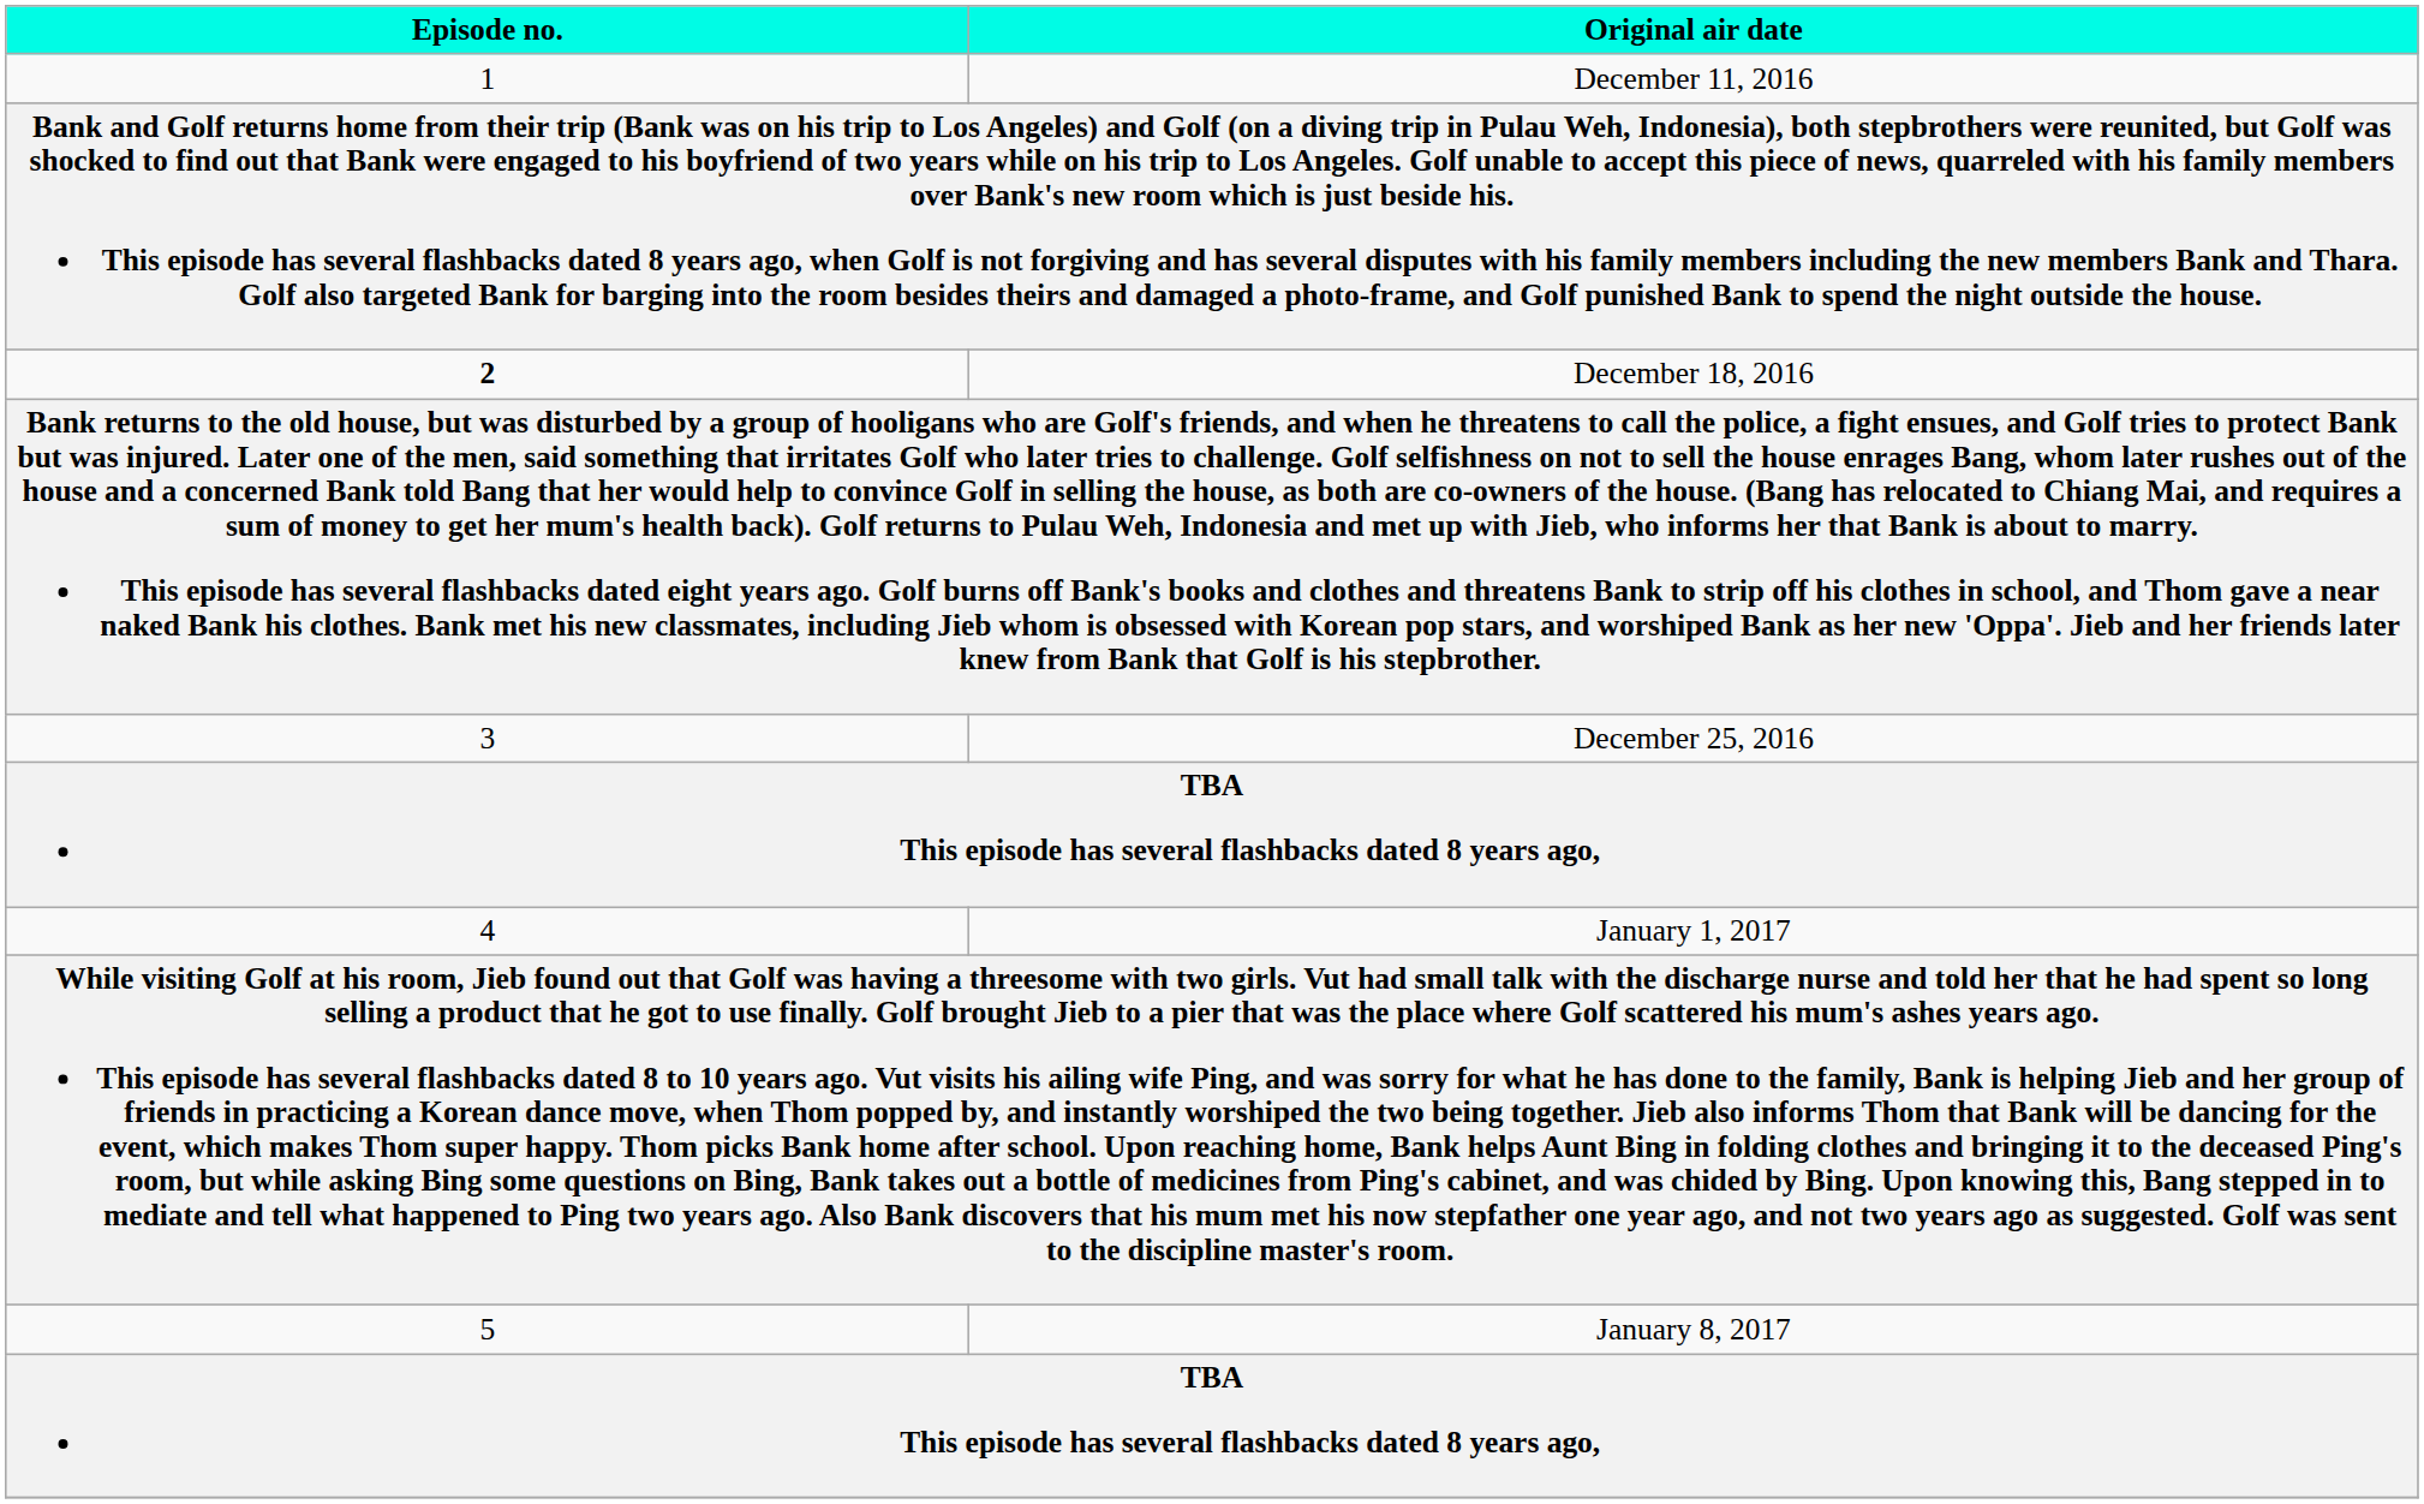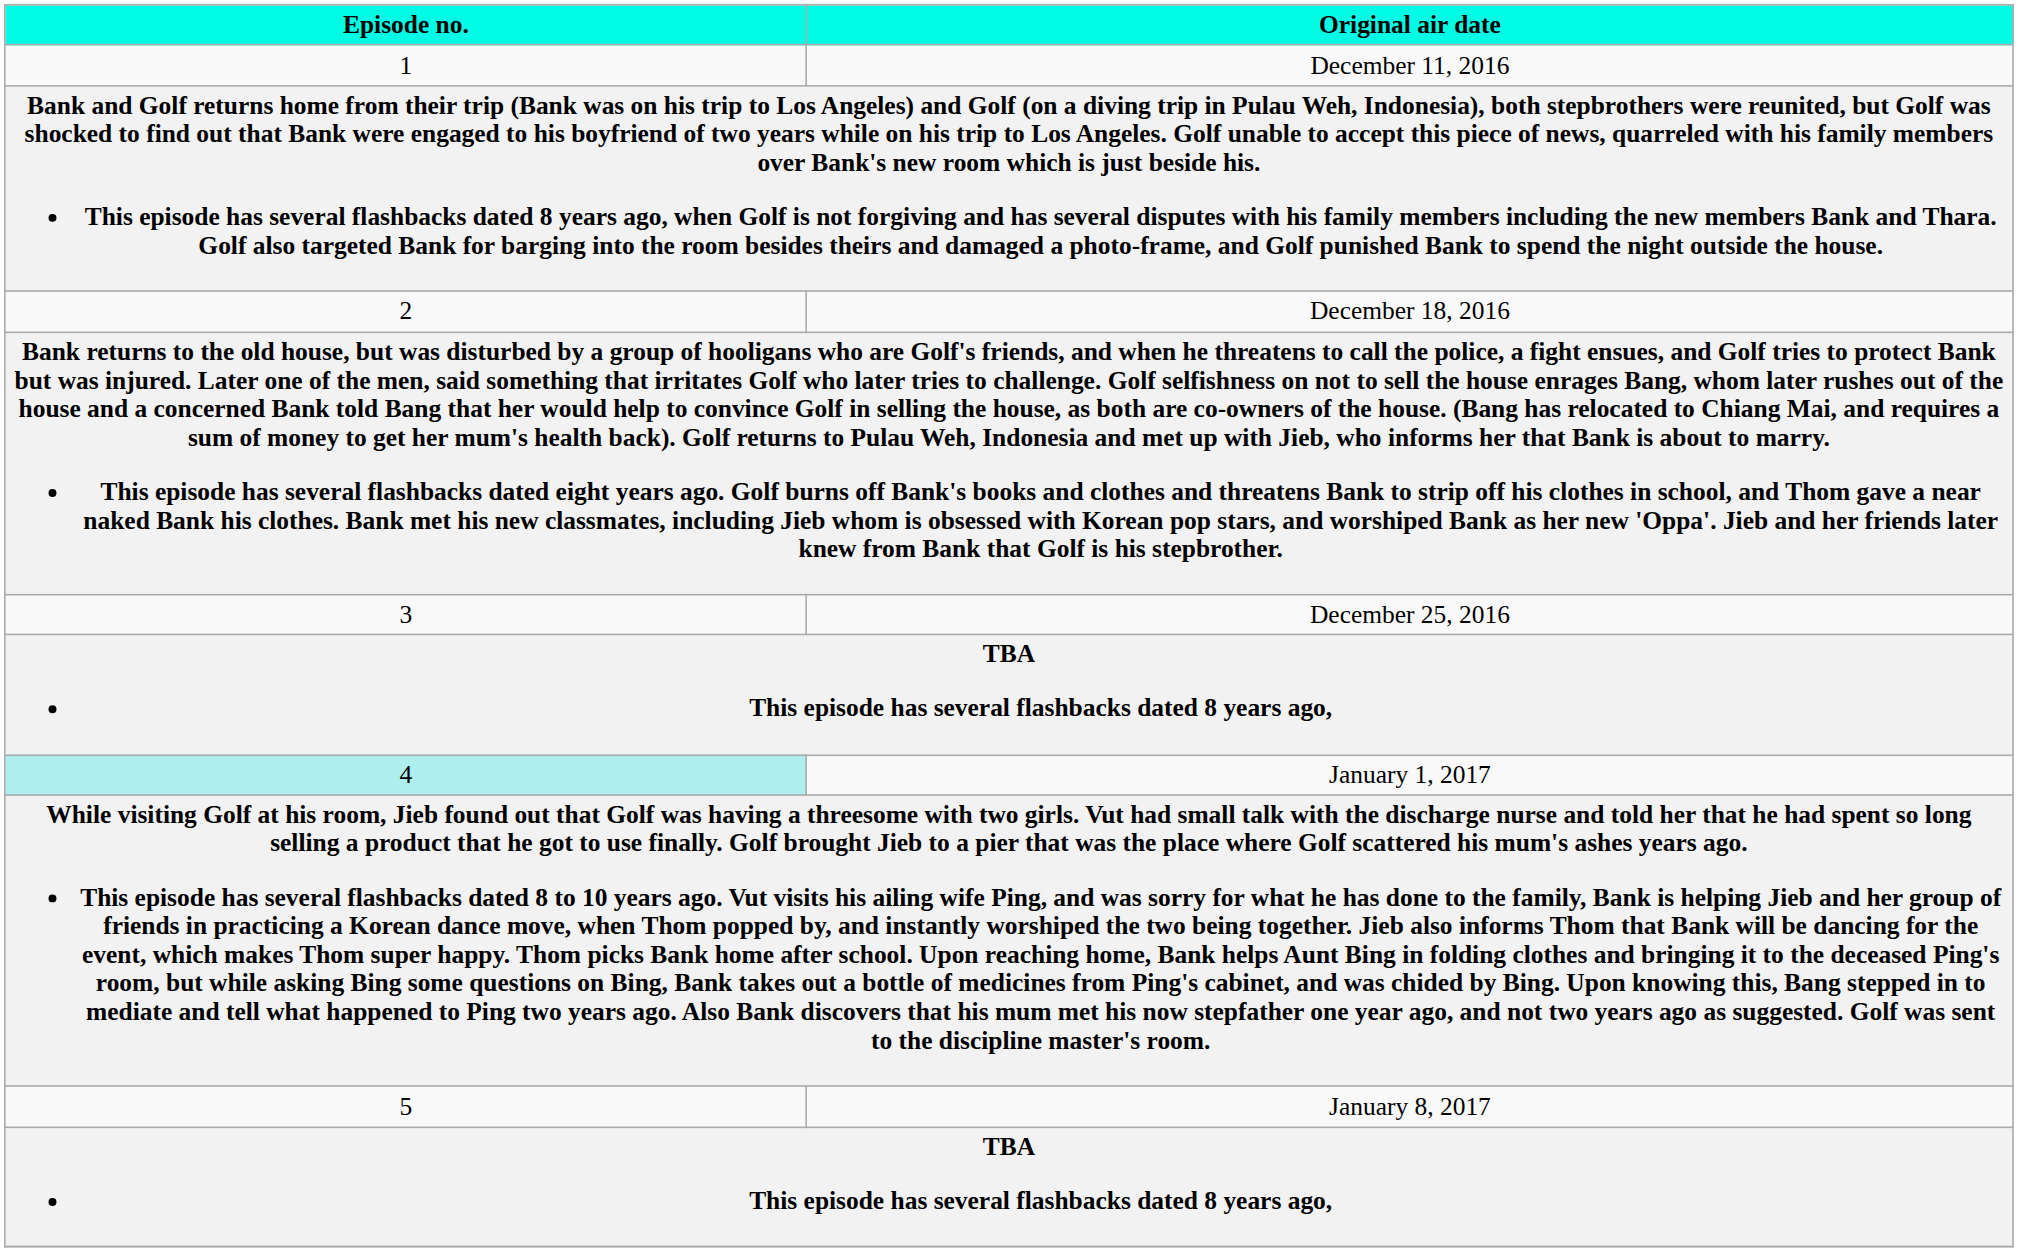 <table class="wikitable plainrowheaders" style="text-align:center; width:100%">
 <tr>
 <th scope="col" style="background:#00fce5; color:black">Episode no.</th>
 <th scope="col" style="background:#00fce5; color:black">Original air date</th>
 </tr>
 <tr>
 <td>1</td>
 <td scope="row">December 11, 2016</td>
 </tr>
 <tr>
 <th scope="row" colspan="2">Bank and Golf returns home from their trip (Bank was on his trip to Los Angeles) and Golf (on a diving trip in Pulau Weh, Indonesia), both stepbrothers were reunited, but Golf was shocked to find out that Bank were engaged to his boyfriend of two years while on his trip to Los Angeles. Golf unable to accept this piece of news, quarreled with his family members over Bank's new room which is just beside his.<br><ul><li>This episode has several flashbacks dated 8 years ago, when Golf is not forgiving and has several disputes with his family members including the new members Bank and Thara. Golf also targeted Bank for barging into the room besides theirs and damaged a photo-frame, and Golf punished Bank to spend the night outside the house.</li></ul></th>
 </tr>
 <tr>
-<td><strong>2</strong></td>
+<td>2</td>
 <td scope="row">December 18, 2016</td>
 </tr>
 <tr>
 <th scope="row" colspan="2">Bank returns to the old house, but was disturbed by a group of hooligans who are Golf's friends, and when he threatens to call the police, a fight ensues, and Golf tries to protect Bank but was injured. Later one of the men, said something that irritates Golf who later tries to challenge. Golf selfishness on not to sell the house enrages Bang, whom later rushes out of the house and a concerned Bank told Bang that her would help to convince Golf in selling the house, as both are co-owners of the house. (Bang has relocated to Chiang Mai, and requires a sum of money to get her mum's health back). Golf returns to Pulau Weh, Indonesia and met up with Jieb, who informs her that Bank is about to marry.<br><ul><li>This episode has several flashbacks dated eight years ago. Golf burns off Bank's books and clothes and threatens Bank to strip off his clothes in school, and Thom gave a near naked Bank his clothes. Bank met his new classmates, including Jieb whom is obsessed with Korean pop stars, and worshiped Bank as her new 'Oppa'. Jieb and her friends later knew from Bank that Golf is his stepbrother.</li></ul></th>
 </tr>
 <tr>
 <td>3</td>
 <td scope="row">December 25, 2016</td>
 </tr>
 <tr>
 <th scope="row" colspan="2">TBA<br><ul><li>This episode has several flashbacks dated 8 years ago,</li></ul></th>
 </tr>
 <tr>
-<td>4</td>
+<td style="background: paleturquoise;">4</td>
 <td scope="row">January 1, 2017</td>
 </tr>
 <tr>
 <th scope="row" colspan="2">While visiting Golf at his room, Jieb found out that Golf was having a threesome with two girls. Vut had small talk with the discharge nurse and told her that he had spent so long selling a product that he got to use finally. Golf brought Jieb to a pier that was the place where Golf scattered his mum's ashes years ago.<br><ul><li>This episode has several flashbacks dated 8 to 10 years ago. Vut visits his ailing wife Ping, and was sorry for what he has done to the family, Bank is helping Jieb and her group of friends in practicing a Korean dance move, when Thom popped by, and instantly worshiped the two being together. Jieb also informs Thom that Bank will be dancing for the event, which makes Thom super happy. Thom picks Bank home after school. Upon reaching home, Bank helps Aunt Bing in folding clothes and bringing it to the deceased Ping's room, but while asking Bing some questions on Bing, Bank takes out a bottle of medicines from Ping's cabinet, and was chided by Bing. Upon knowing this,  Bang stepped in to mediate and tell what happened to Ping two years ago. Also Bank discovers that his mum met his now stepfather one year ago, and not two years ago as suggested. Golf was sent to the discipline master's room.</li></ul></th>
 </tr>
 <tr>
 <td>5</td>
 <td scope="row">January 8, 2017</td>
 </tr>
 <tr>
 <th scope="row" colspan="2">TBA<br><ul><li>This episode has several flashbacks dated 8 years ago,</li></ul></th>
 </tr>
 <tr>
 </tr>
 </table>
